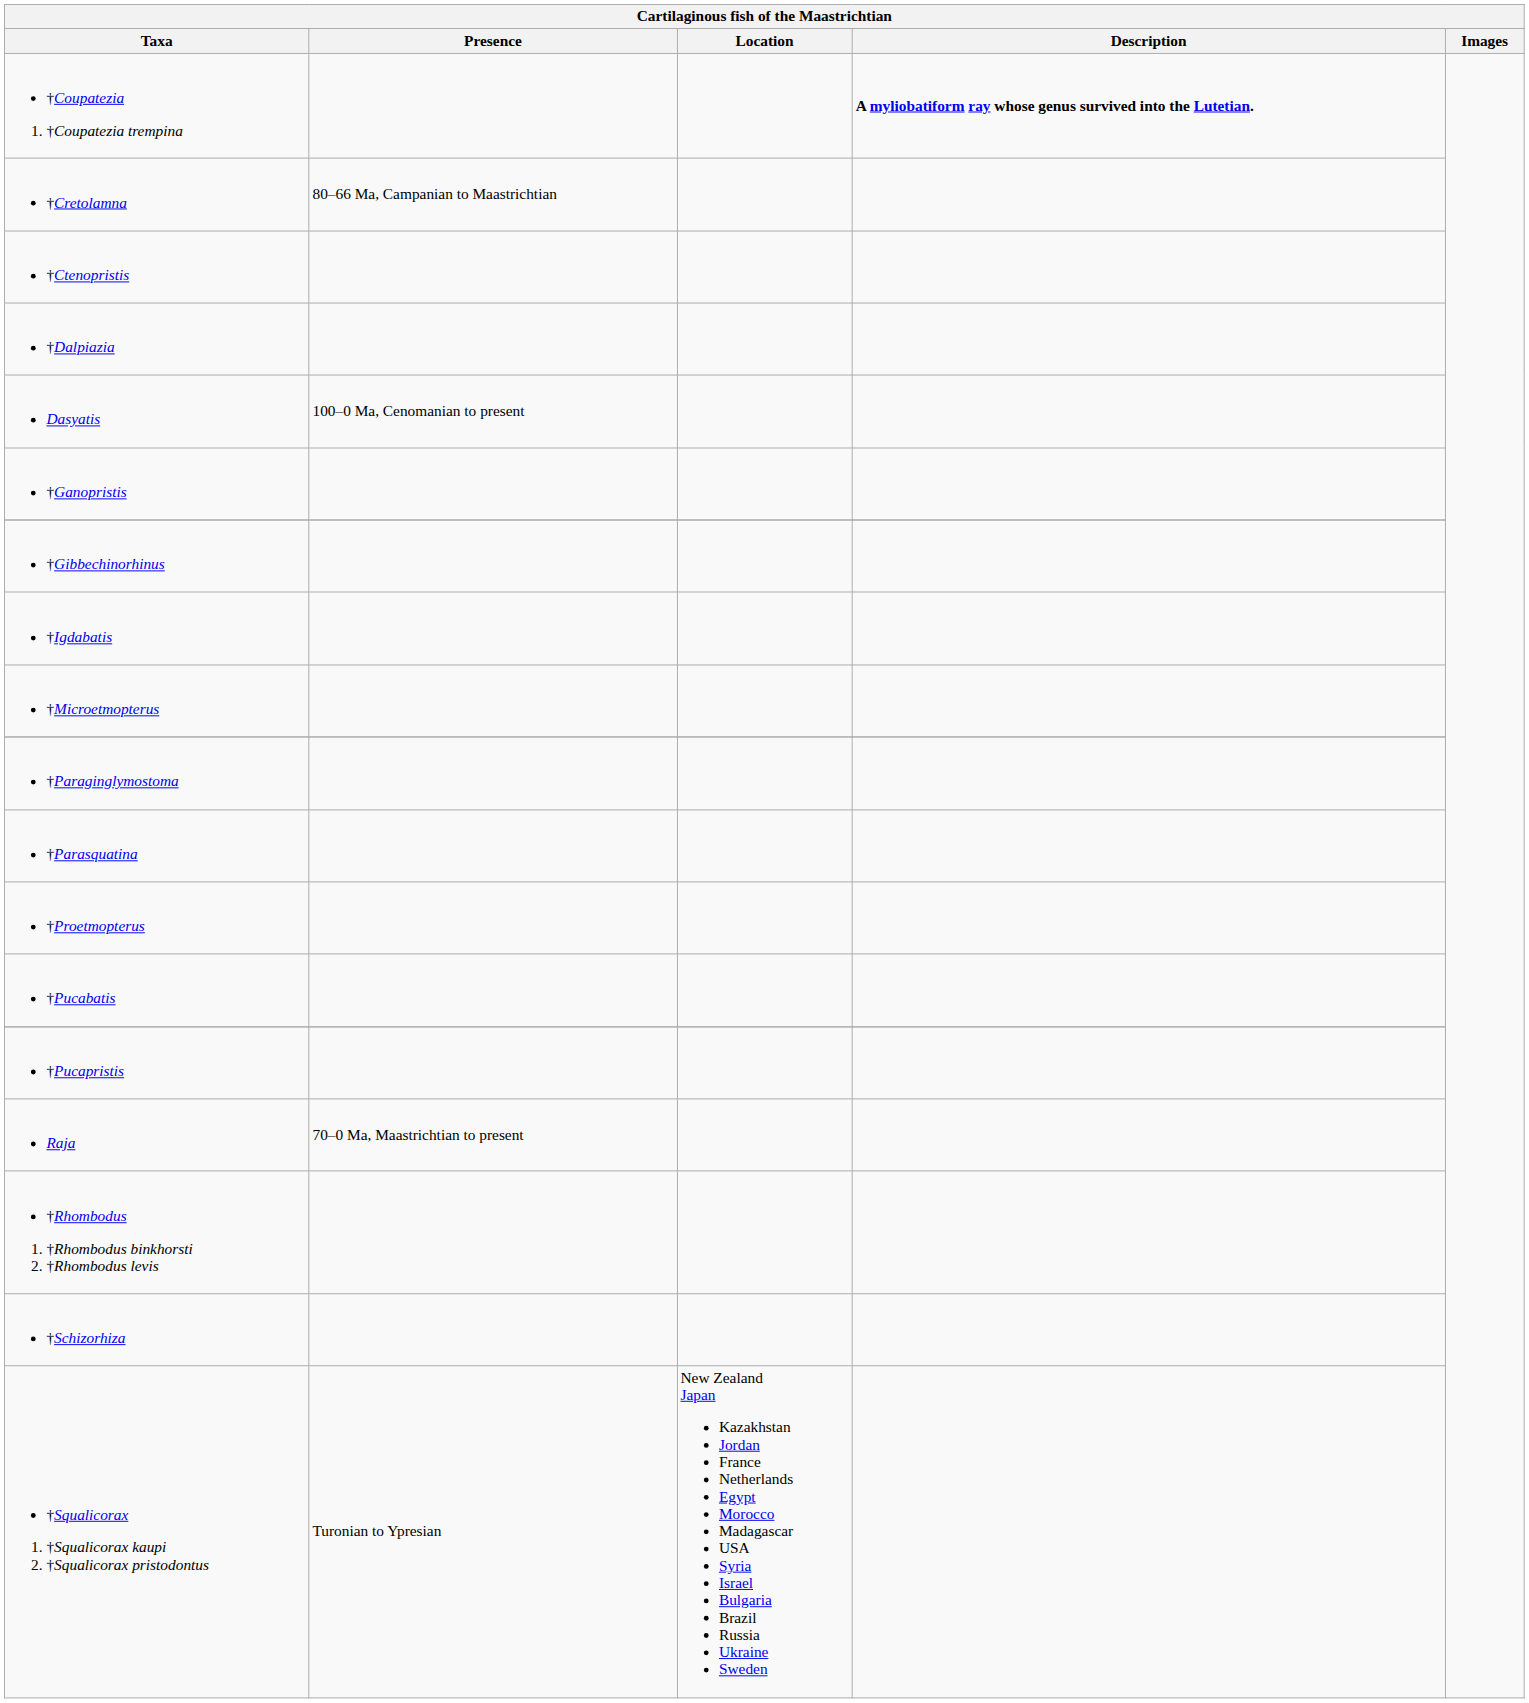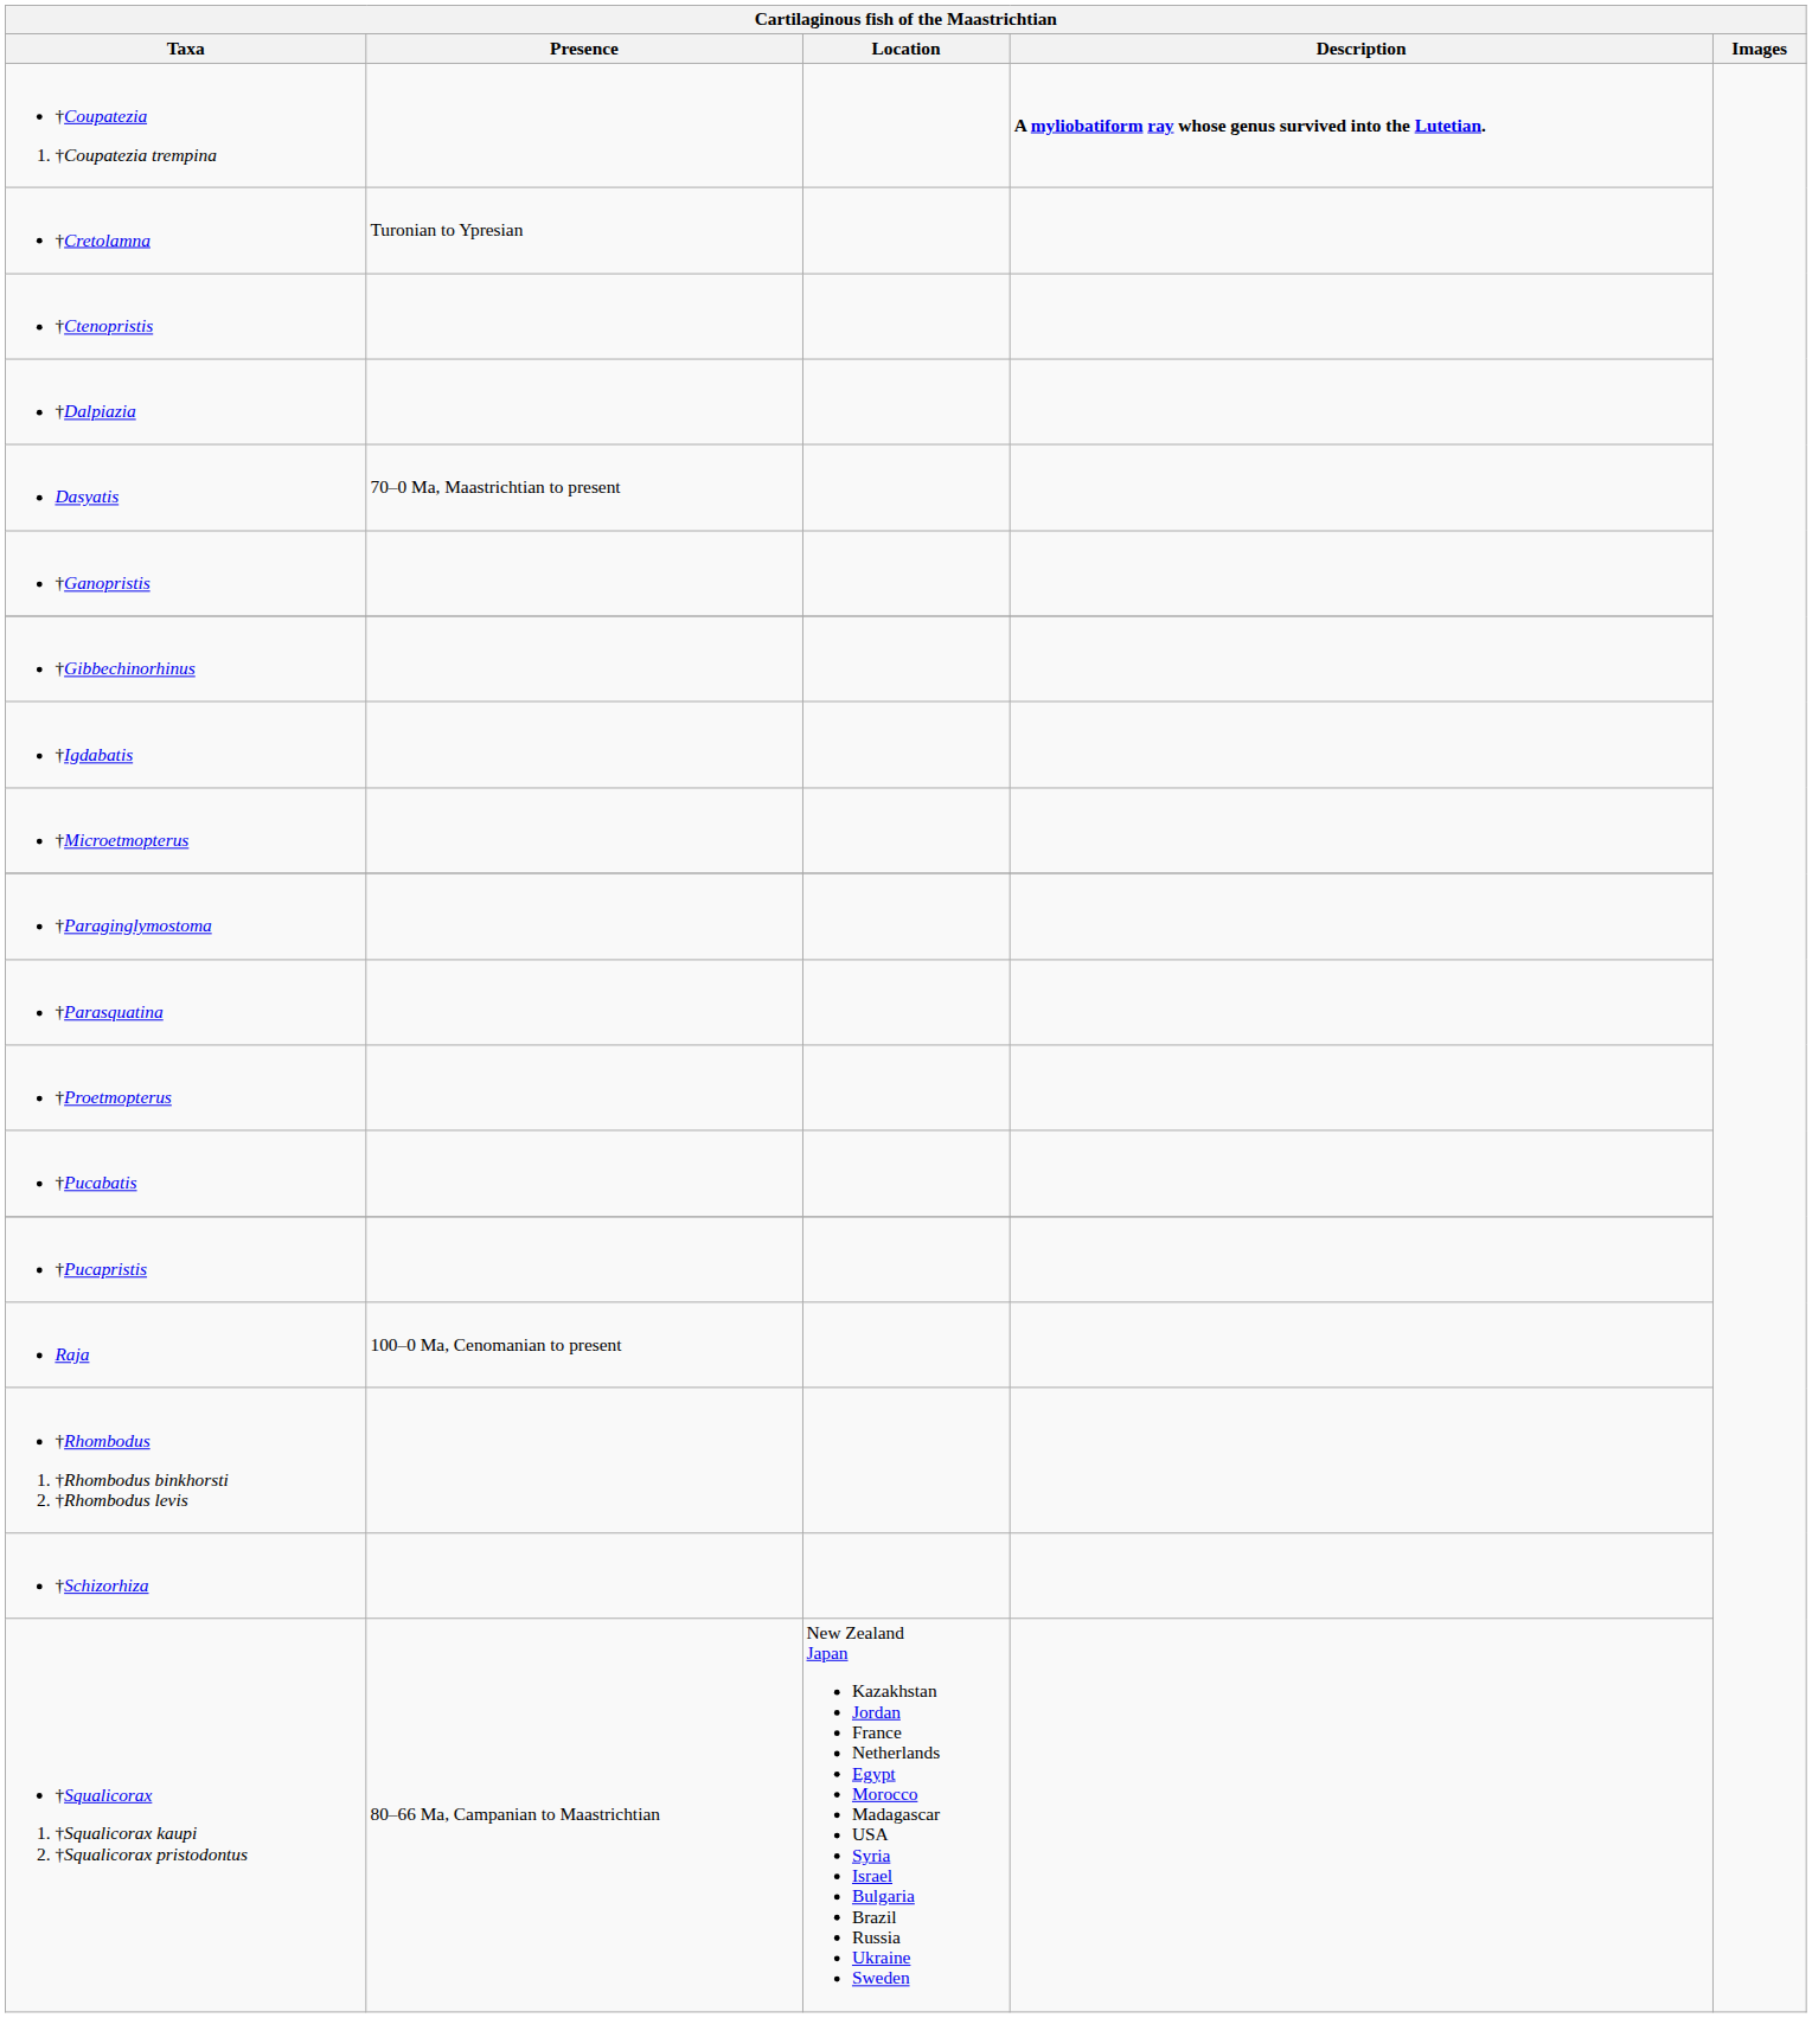 <table class="wikitable" align="center" width="100%">
 <tr>
 <th colspan="5" align="center">Cartilaginous fish of the Maastrichtian</th>
 </tr>
 <tr>
 <th>Taxa</th>
 <th>Presence</th>
 <th>Location</th>
 <th>Description</th>
 <th>Images</th>
 </tr>
 <tr>
 <td><br><ul><li>†<em><a href='#'>Coupatezia</a></em></li></ul><ol><li>†<em>Coupatezia trempina</em></li></ol></td>
 <td></td>
 <td></td>
 <td><strong>A <a href='#'>myliobatiform</a> <a href='#'>ray</a> whose genus survived into the <a href='#'>Lutetian</a>.</strong></td>
 <td rowspan="99"></td>
 </tr>
 <tr>
 <td><br><ul><li>†<em><a href='#'>Cretolamna</a></em></li></ul></td>
-<td>80–66 Ma, Campanian to Maastrichtian</td>
+<td>Turonian to Ypresian</td>
 <td></td>
 <td></td>
 </tr>
 <tr>
 <td><br><ul><li>†<em><a href='#'>Ctenopristis</a></em></li></ul></td>
 <td></td>
 <td></td>
 <td></td>
 </tr>
 <tr>
 <td><br><ul><li>†<em><a href='#'>Dalpiazia</a></em></li></ul></td>
 <td></td>
 <td></td>
 <td></td>
 </tr>
 <tr>
 <td><br><ul><li><em><a href='#'>Dasyatis</a></em></li></ul></td>
-<td>100–0 Ma, Cenomanian to present</td>
+<td>70–0 Ma, Maastrichtian to present</td>
 <td></td>
 <td></td>
 </tr>
 <tr>
 <td><br><ul><li>†<em><a href='#'>Ganopristis</a></em></li></ul></td>
 <td></td>
 <td></td>
 <td></td>
 </tr>
 <tr>
 </tr>
 <tr>
 <td><br><ul><li>†<em><a href='#'>Gibbechinorhinus</a></em></li></ul></td>
 <td></td>
 <td></td>
 <td></td>
 </tr>
 <tr>
 <td><br><ul><li>†<em><a href='#'>Igdabatis</a></em></li></ul></td>
 <td></td>
 <td></td>
 <td></td>
 </tr>
 <tr>
 <td><br><ul><li>†<em><a href='#'>Microetmopterus</a></em></li></ul></td>
 <td></td>
 <td></td>
 <td></td>
 </tr>
 <tr>
 </tr>
 <tr>
 <td><br><ul><li>†<em><a href='#'>Paraginglymostoma</a></em></li></ul></td>
 <td></td>
 <td></td>
 <td></td>
 </tr>
 <tr>
 <td><br><ul><li>†<em><a href='#'>Parasquatina</a></em></li></ul></td>
 <td></td>
 <td></td>
 <td></td>
 </tr>
 <tr>
 <td><br><ul><li>†<em><a href='#'>Proetmopterus</a></em></li></ul></td>
 <td></td>
 <td></td>
 <td></td>
 </tr>
 <tr>
 <td><br><ul><li>†<em><a href='#'>Pucabatis</a></em></li></ul></td>
 <td></td>
 <td></td>
 <td></td>
 </tr>
 <tr>
 </tr>
 <tr>
 <td><br><ul><li>†<em><a href='#'>Pucapristis</a></em></li></ul></td>
 <td></td>
 <td></td>
 <td></td>
 </tr>
 <tr>
 <td><br><ul><li><em><a href='#'>Raja</a></em></li></ul></td>
-<td>70–0 Ma, Maastrichtian to present</td>
+<td>100–0 Ma, Cenomanian to present</td>
 <td></td>
 <td></td>
 </tr>
 <tr>
 <td><br><ul><li>†<em><a href='#'>Rhombodus</a></em></li></ul><ol><li>†<em>Rhombodus binkhorsti</em></li><li>†<em>Rhombodus levis</em></li></ol></td>
 <td></td>
 <td></td>
 <td></td>
 </tr>
 <tr>
 <td><br><ul><li>†<em><a href='#'>Schizorhiza</a></em></li></ul></td>
 <td></td>
 <td></td>
 <td></td>
 </tr>
 <tr>
 <td><br><ul><li>†<em><a href='#'>Squalicorax</a></em></li></ul><ol><li>†<em>Squalicorax kaupi</em></li><li>†<em>Squalicorax pristodontus</em></li></ol></td>
-<td>Turonian to Ypresian</td>
+<td>80–66 Ma, Campanian to Maastrichtian</td>
 <td>New Zealand<br><a href='#'>Japan</a><ul><li>Kazakhstan</li><li><a href='#'>Jordan</a></li><li>France</li><li>Netherlands</li><li><a href='#'>Egypt</a></li><li><a href='#'>Morocco</a></li><li>Madagascar</li><li>USA</li><li><a href='#'>Syria</a></li><li><a href='#'>Israel</a></li><li><a href='#'>Bulgaria</a></li><li>Brazil</li><li>Russia</li><li><a href='#'>Ukraine</a></li><li><a href='#'>Sweden</a></li></ul></td>
 <td></td>
 </tr>
 </table>
